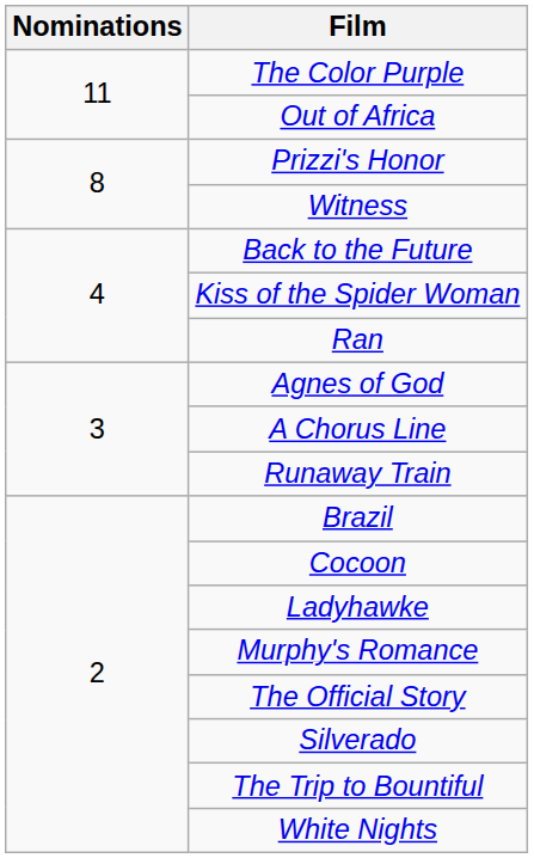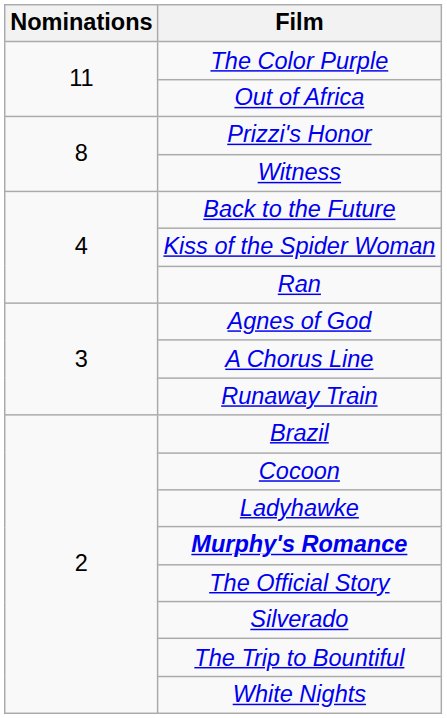 <table class="wikitable plainrowheaders" style="text-align: center;">
 <tr>
 <th scope="col" style="width:55px;">Nominations</th>
 <th scope="col" style="text-align:center;">Film</th>
 </tr>
 <tr>
 <td rowspan="2" scope="row" style="text-align:center">11</td>
 <td><em><a href='#'>The Color Purple</a></em></td>
 </tr>
 <tr>
 <td><em><a href='#'>Out of Africa</a></em></td>
 </tr>
 <tr>
 <td rowspan=2 scope="row" style="text-align:center">8</td>
 <td><em><a href='#'>Prizzi's Honor</a></em></td>
 </tr>
 <tr>
 <td><em><a href='#'>Witness</a></em></td>
 </tr>
 <tr>
 <td rowspan=3 scope="row" style="text-align:center">4</td>
 <td><em><a href='#'>Back to the Future</a></em></td>
 </tr>
 <tr>
 <td><em><a href='#'>Kiss of the Spider Woman</a></em></td>
 </tr>
 <tr>
 <td><em><a href='#'>Ran</a></em></td>
 </tr>
 <tr>
 <td rowspan=3 scope="row" style="text-align:center">3</td>
 <td><em><a href='#'>Agnes of God</a></em></td>
 </tr>
 <tr>
 <td><em><a href='#'>A Chorus Line</a></em></td>
 </tr>
 <tr>
 <td><em><a href='#'>Runaway Train</a></em></td>
 </tr>
 <tr>
 <td rowspan=8 scope="row" style="text-align:center">2</td>
 <td><em><a href='#'>Brazil</a></em></td>
 </tr>
 <tr>
 <td><em><a href='#'>Cocoon</a></em></td>
 </tr>
 <tr>
 <td><em><a href='#'>Ladyhawke</a></em></td>
 </tr>
 <tr>
-<td><em><a href='#'>Murphy's Romance</a></em></td>
+<td><strong><em><a href='#'>Murphy's Romance</a></em></strong></td>
 </tr>
 <tr>
 <td><em><a href='#'>The Official Story</a></em></td>
 </tr>
 <tr>
 <td><em><a href='#'>Silverado</a></em></td>
 </tr>
 <tr>
 <td><em><a href='#'>The Trip to Bountiful</a></em></td>
 </tr>
 <tr>
 <td><em><a href='#'>White Nights</a></em></td>
 </tr>
 </table>
